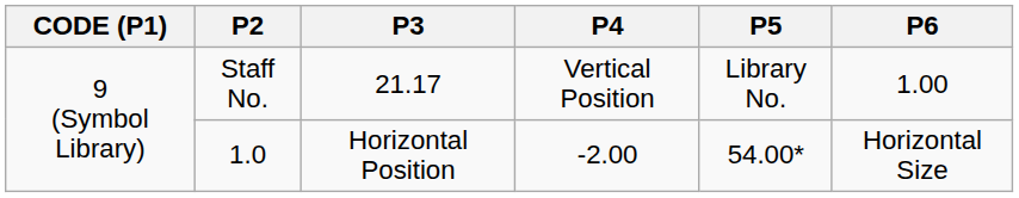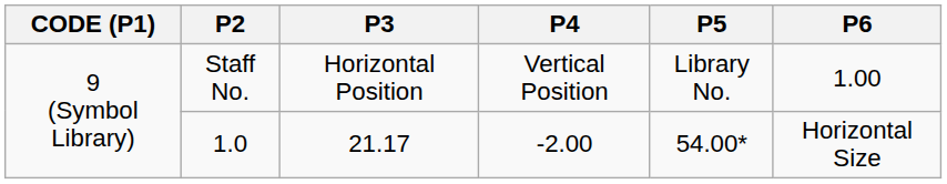 <table class="wikitable" style="text-align: center">
 <tr>
 <th>CODE (P1)</th>
 <th>P2</th>
 <th>P3</th>
 <th>P4</th>
 <th>P5</th>
 <th>P6</th>
 </tr>
 <tr>
 <td rowspan="2">9<br>(Symbol Library)</td>
 <td>Staff No.</td>
-<td>21.17</td>
+<td>Horizontal Position</td>
 <td>Vertical Position</td>
 <td>Library No.</td>
 <td>1.00</td>
 </tr>
 <tr>
 <td>1.0</td>
-<td>Horizontal Position</td>
+<td>21.17</td>
 <td>-2.00</td>
 <td>54.00*</td>
 <td>Horizontal Size</td>
 </tr>
 </table>
